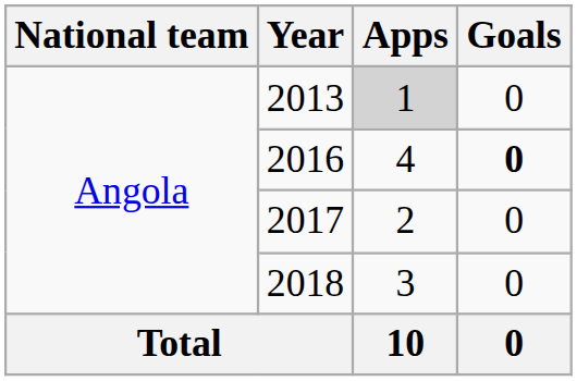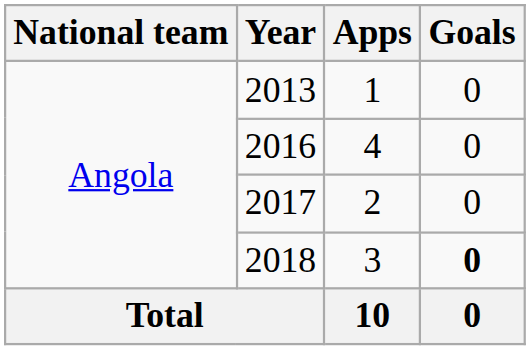 <table class="wikitable" style="text-align:center">
 <tr>
 <th>National team</th>
 <th>Year</th>
 <th>Apps</th>
 <th>Goals</th>
 </tr>
 <tr>
 <td rowspan="4"><a href='#'>Angola</a></td>
 <td>2013</td>
-<td style="background: lightgrey;">1</td>
+<td>1</td>
 <td>0</td>
 </tr>
 <tr>
 <td>2016</td>
 <td>4</td>
-<td><strong>0</strong></td>
+<td>0</td>
 </tr>
 <tr>
 <td>2017</td>
 <td>2</td>
 <td>0</td>
 </tr>
 <tr>
 <td>2018</td>
 <td>3</td>
-<td>0</td>
+<td><strong>0</strong></td>
 </tr>
 <tr>
 <th colspan=2>Total</th>
 <th>10</th>
 <th>0</th>
 </tr>
 </table>
